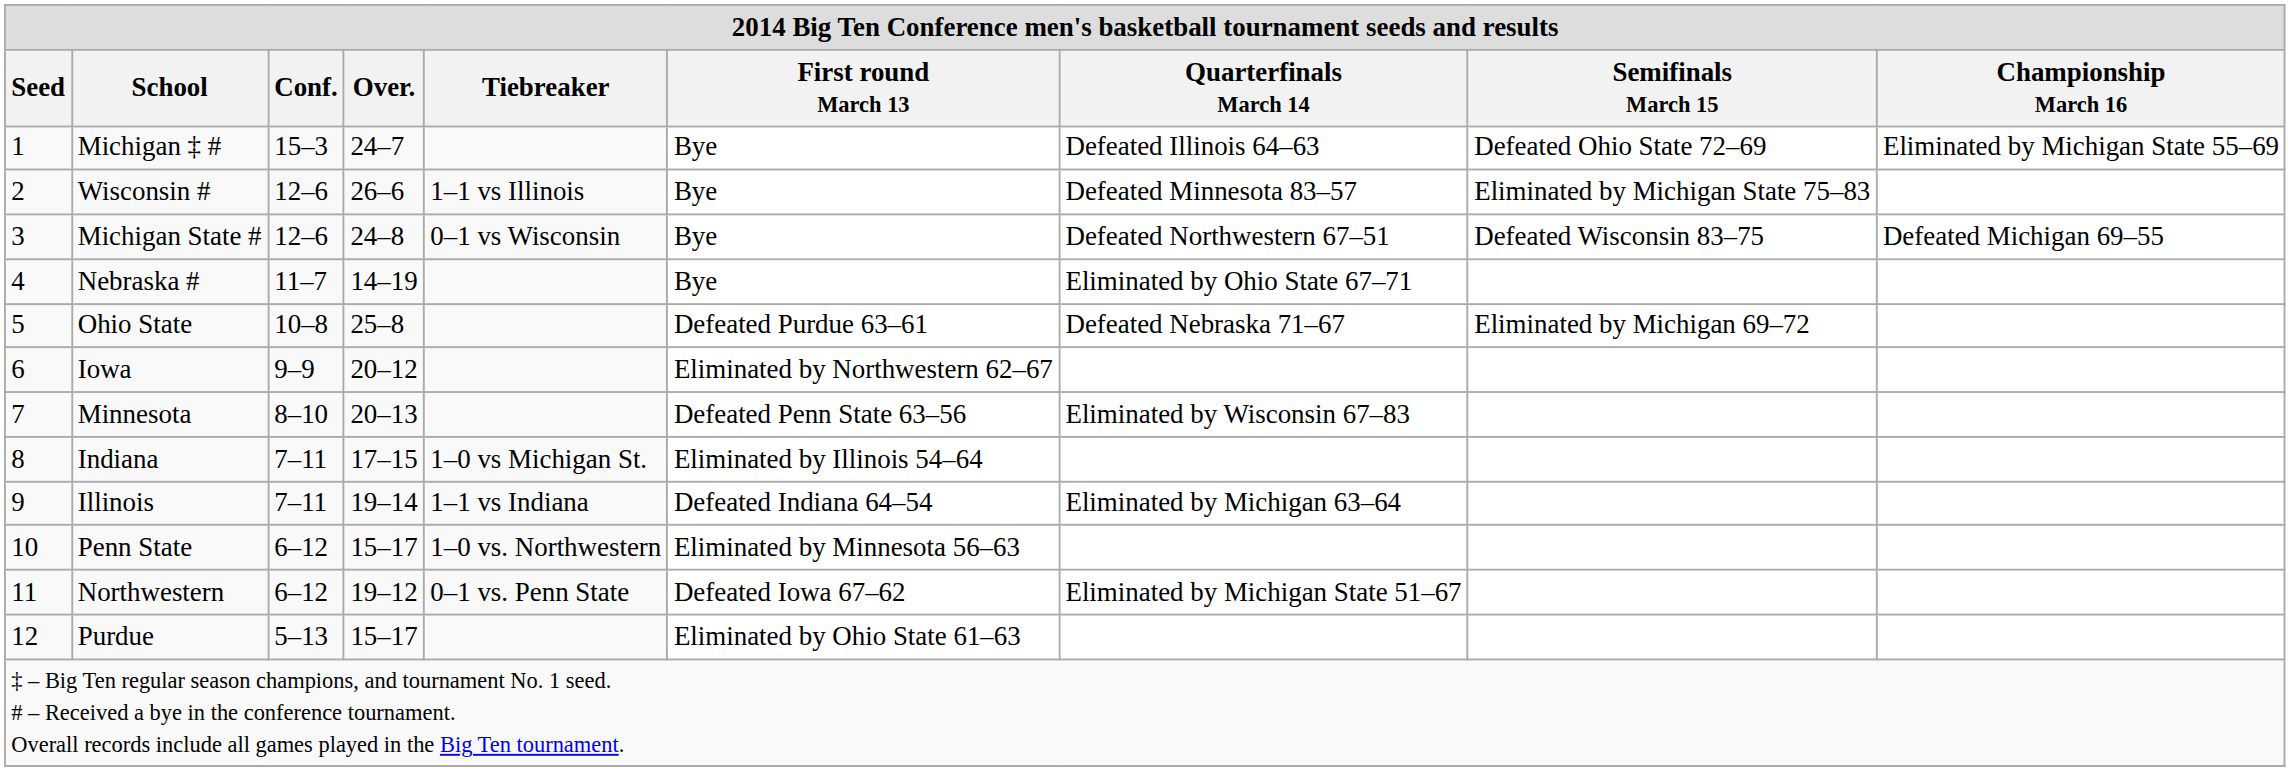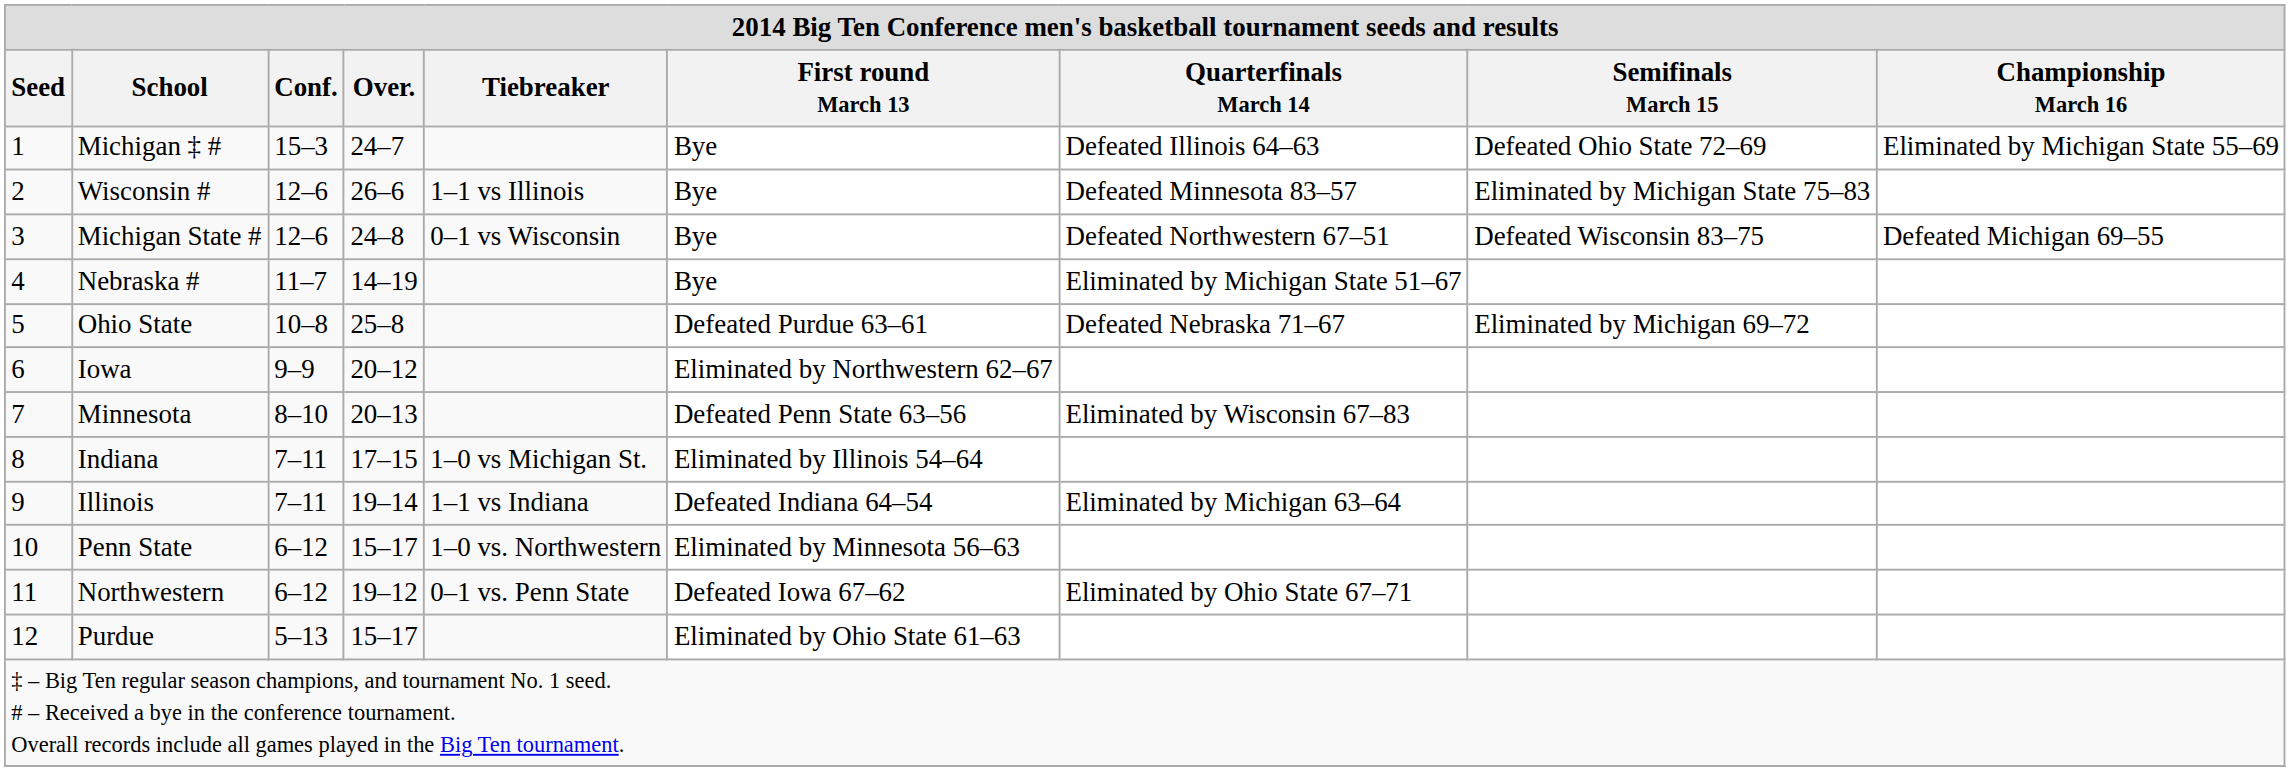 <table class="wikitable" style="white-space:nowrap; font-size:90%;">
 <tr>
 <td colspan="10" style="text-align:center; background:#DDDDDD; font:#000000"><strong>2014 Big Ten Conference men's basketball tournament seeds and results</strong></td>
 </tr>
 <tr>
 <th>Seed</th>
 <th>School</th>
 <th>Conf.</th>
 <th>Over.</th>
 <th>Tiebreaker</th>
 <th>First round<br><small>March 13</small></th>
 <th>Quarterfinals<br><small>March 14</small></th>
 <th>Semifinals<br><small>March 15</small></th>
 <th>Championship<br><small>March 16</small></th>
 </tr>
 <tr>
 <td>1</td>
 <td>Michigan ‡ #</td>
 <td>15–3</td>
 <td>24–7</td>
 <td></td>
 <td style="background:#fff;">Bye</td>
 <td style="background:#fff;">Defeated Illinois 64–63</td>
 <td style="background:#fff;">Defeated Ohio State 72–69</td>
 <td style="background:#fff;">Eliminated by Michigan State 55–69</td>
 </tr>
 <tr>
 <td>2</td>
 <td>Wisconsin #</td>
 <td>12–6</td>
 <td>26–6</td>
 <td>1–1 vs Illinois</td>
 <td style="background:#fff;">Bye</td>
 <td style="background:#fff;">Defeated Minnesota 83–57</td>
 <td style="background:#fff;">Eliminated by Michigan State 75–83</td>
 <td style="background:#fff;"></td>
 </tr>
 <tr>
 <td>3</td>
 <td>Michigan State #</td>
 <td>12–6</td>
 <td>24–8</td>
 <td>0–1 vs Wisconsin</td>
 <td style="background:#fff;">Bye</td>
 <td style="background:#fff;">Defeated Northwestern 67–51</td>
 <td style="background:#fff;">Defeated Wisconsin 83–75</td>
 <td style="background:#fff;">Defeated Michigan 69–55</td>
 </tr>
 <tr>
 <td>4</td>
 <td>Nebraska #</td>
 <td>11–7</td>
 <td>14–19</td>
 <td></td>
 <td style="background:#fff;">Bye</td>
-<td style="background:#fff;">Eliminated by Ohio State 67–71</td>
+<td style="background:#fff;">Eliminated by Michigan State 51–67</td>
 <td style="background:#fff;"></td>
 <td style="background:#fff;"></td>
 </tr>
 <tr>
 <td>5</td>
 <td>Ohio State</td>
 <td>10–8</td>
 <td>25–8</td>
 <td></td>
 <td style="background:#fff;">Defeated Purdue 63–61</td>
 <td style="background:#fff;">Defeated Nebraska 71–67</td>
 <td style="background:#fff;">Eliminated by Michigan 69–72</td>
 <td style="background:#fff;"></td>
 </tr>
 <tr>
 <td>6</td>
 <td>Iowa</td>
 <td>9–9</td>
 <td>20–12</td>
 <td></td>
 <td style="background:#fff;">Eliminated by Northwestern 62–67</td>
 <td style="background:#fff;"></td>
 <td style="background:#fff;"></td>
 <td style="background:#fff;"></td>
 </tr>
 <tr>
 <td>7</td>
 <td>Minnesota</td>
 <td>8–10</td>
 <td>20–13</td>
 <td></td>
 <td style="background:#fff;">Defeated Penn State 63–56</td>
 <td style="background:#fff;">Eliminated by Wisconsin 67–83</td>
 <td style="background:#fff;"></td>
 <td style="background:#fff;"></td>
 </tr>
 <tr>
 <td>8</td>
 <td>Indiana</td>
 <td>7–11</td>
 <td>17–15</td>
 <td>1–0 vs Michigan St.</td>
 <td style="background:#fff;">Eliminated by Illinois 54–64</td>
 <td style="background:#fff;"></td>
 <td style="background:#fff;"></td>
 <td style="background:#fff;"></td>
 </tr>
 <tr>
 <td>9</td>
 <td>Illinois</td>
 <td>7–11</td>
 <td>19–14</td>
 <td>1–1 vs Indiana</td>
 <td style="background:#fff;">Defeated Indiana 64–54</td>
 <td style="background:#fff;">Eliminated by Michigan 63–64</td>
 <td style="background:#fff;"></td>
 <td style="background:#fff;"></td>
 </tr>
 <tr>
 <td>10</td>
 <td>Penn State</td>
 <td>6–12</td>
 <td>15–17</td>
 <td>1–0 vs. Northwestern</td>
 <td style="background:#fff;">Eliminated by Minnesota 56–63</td>
 <td style="background:#fff;"></td>
 <td style="background:#fff;"></td>
 <td style="background:#fff;"></td>
 </tr>
 <tr>
 <td>11</td>
 <td>Northwestern</td>
 <td>6–12</td>
 <td>19–12</td>
 <td>0–1 vs. Penn State</td>
 <td style="background:#fff;">Defeated Iowa 67–62</td>
-<td style="background:#fff;">Eliminated by Michigan State 51–67</td>
+<td style="background:#fff;">Eliminated by Ohio State 67–71</td>
 <td style="background:#fff;"></td>
 <td style="background:#fff;"></td>
 </tr>
 <tr>
 <td>12</td>
 <td>Purdue</td>
 <td>5–13</td>
 <td>15–17</td>
 <td></td>
 <td style="background:#fff;">Eliminated by Ohio State 61–63</td>
 <td style="background:#fff;"></td>
 <td style="background:#fff;"></td>
 <td style="background:#fff;"></td>
 </tr>
 <tr>
 <td colspan="10" style="text-align:left;"><small>‡ – Big Ten regular season champions, and tournament No. 1 seed.<br># – Received a bye in the conference tournament.<br>Overall records include all games played in the <a href='#'>Big Ten tournament</a>.</small></td>
 </tr>
 <tr>
 </tr>
 </table>
